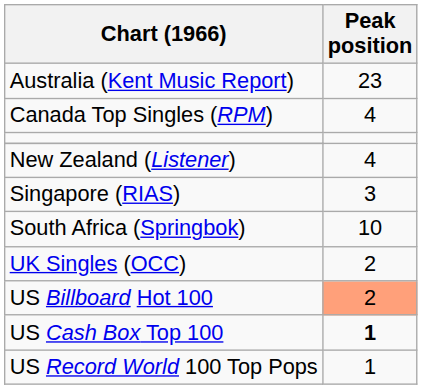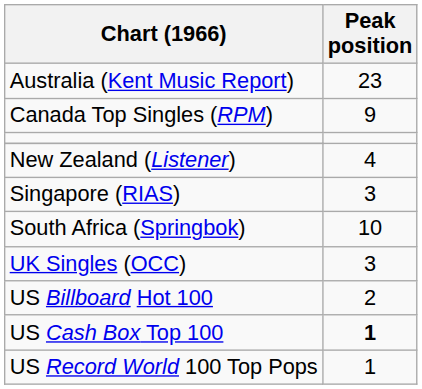 <table class="wikitable sortable">
 <tr>
 <th>Chart (1966)</th>
 <th>Peak<br>position</th>
 </tr>
 <tr>
 <td>Australia (<a href='#'>Kent Music Report</a>)</td>
 <td style=text-align:center>23</td>
 </tr>
 <tr>
 <td>Canada Top Singles (<em><a href='#'>RPM</a></em>)</td>
-<td style="text-align:center;">4</td>
+<td style="text-align:center;">9</td>
 </tr>
 <tr>
 <td></td>
 </tr>
 <tr>
 </tr>
 <tr>
 <td>New Zealand (<em><a href='#'>Listener</a></em>)</td>
 <td style="text-align:center;">4</td>
 </tr>
 <tr>
 <td>Singapore (<a href='#'>RIAS</a>)</td>
 <td style="text-align:center;">3</td>
 </tr>
 <tr>
 <td>South Africa (<a href='#'>Springbok</a>)</td>
 <td align="center">10</td>
 </tr>
 <tr>
 <td><a href='#'>UK Singles</a> (<a href='#'>OCC</a>)</td>
-<td style="text-align:center;">2</td>
+<td style="text-align:center;">3</td>
 </tr>
 <tr>
 <td>US <em><a href='#'>Billboard</a></em> <a href='#'>Hot 100</a></td>
-<td style="background: lightsalmon; text-align:center;">2</td>
+<td style="text-align:center;">2</td>
 </tr>
 <tr>
 <td>US <a href='#'><em>Cash Box</em> Top 100</a></td>
 <td style="text-align:center;"><strong>1</strong></td>
 </tr>
 <tr>
 <td>US <em><a href='#'>Record World</a></em> 100 Top Pops</td>
 <td style="text-align:center;">1</td>
 </tr>
 </table>
